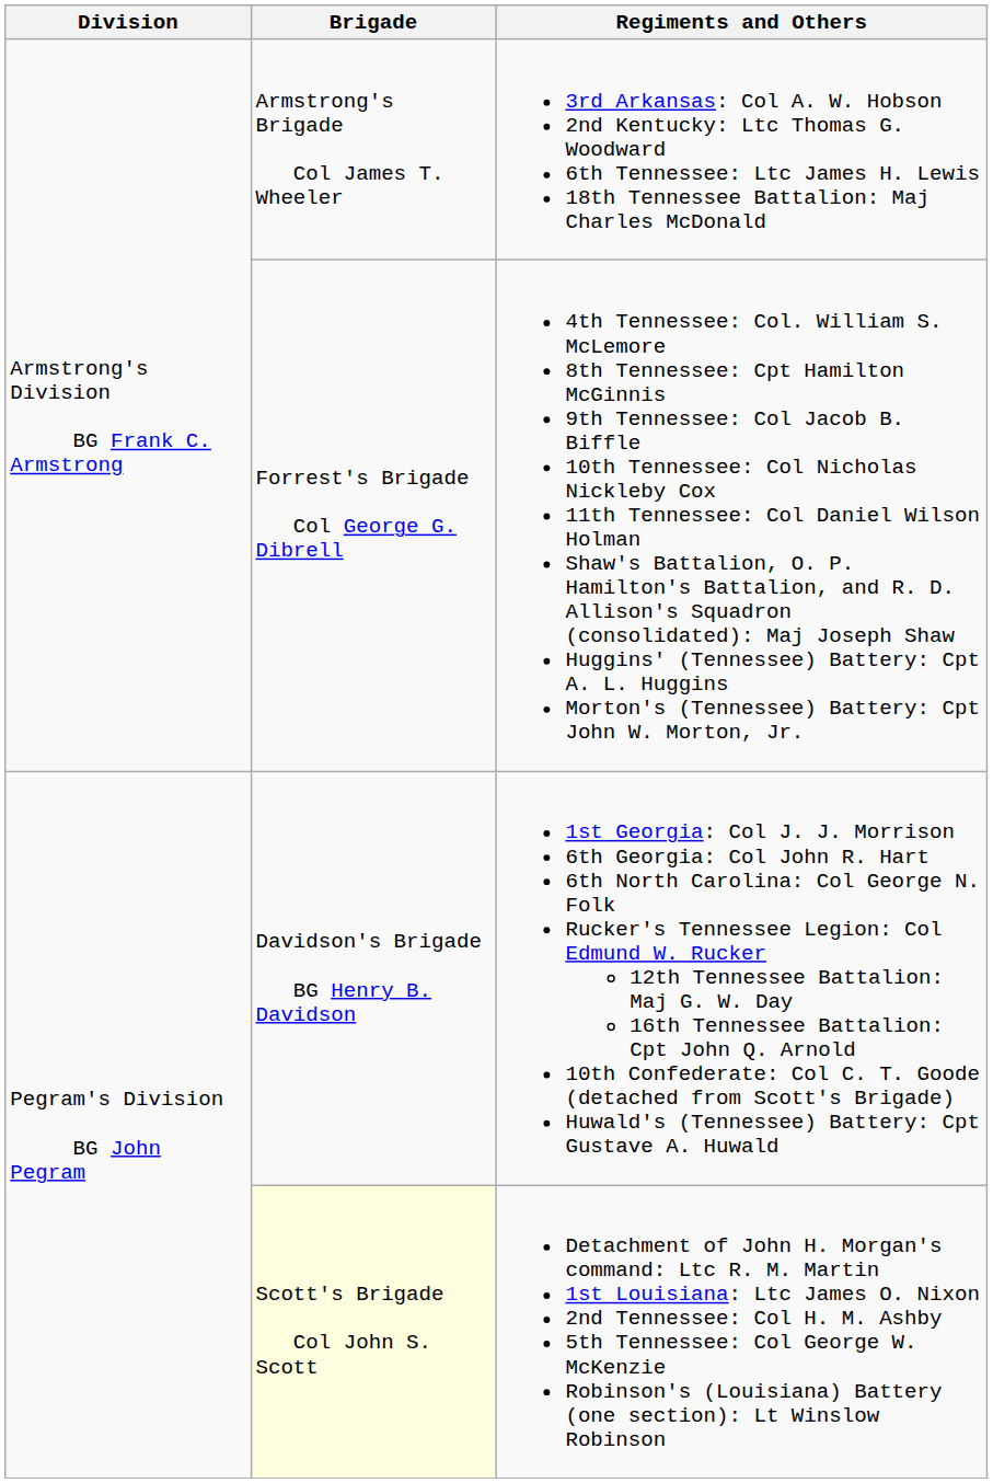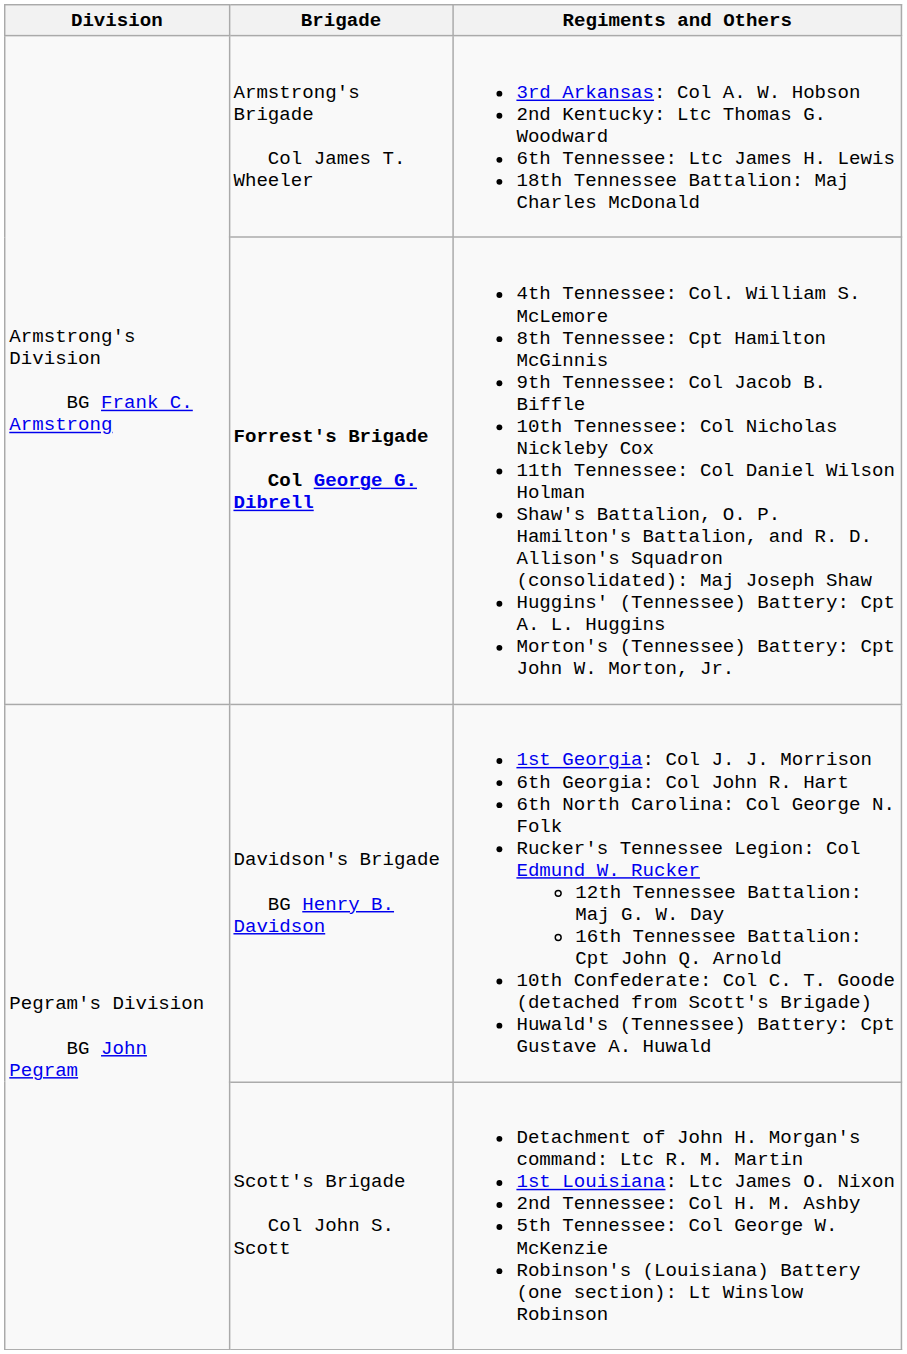 <table class="wikitable">
 <tr>
 <th width=25%>Division</th>
 <th width=25%>Brigade</th>
 <th>Regiments and Others</th>
 </tr>
 <tr>
 <td rowspan=2><br>Armstrong's Division<br><br>     BG <a href='#'>Frank C. Armstrong</a></td>
 <td>Armstrong's Brigade<br><br>   Col James T. Wheeler</td>
 <td><br><ul><li><a href='#'>3rd Arkansas</a>: Col A. W. Hobson</li><li>2nd Kentucky: Ltc Thomas G. Woodward</li><li>6th Tennessee: Ltc James H. Lewis</li><li>18th Tennessee Battalion: Maj Charles McDonald</li></ul></td>
 </tr>
 <tr>
-<td>Forrest's Brigade<br><br>   Col <a href='#'>George G. Dibrell</a></td>
+<td><strong>Forrest's Brigade<br><br>   Col <a href='#'>George G. Dibrell</a></strong></td>
 <td><br><ul><li>4th Tennessee: Col. William S. McLemore</li><li>8th Tennessee: Cpt Hamilton McGinnis</li><li>9th Tennessee: Col Jacob B. Biffle</li><li>10th Tennessee: Col Nicholas Nickleby Cox</li><li>11th Tennessee: Col Daniel Wilson Holman</li><li>Shaw's Battalion, O. P. Hamilton's Battalion, and R. D. Allison's Squadron (consolidated): Maj Joseph Shaw</li><li>Huggins' (Tennessee) Battery: Cpt A. L. Huggins</li><li>Morton's (Tennessee) Battery: Cpt John W. Morton, Jr.</li></ul></td>
 </tr>
 <tr>
 <td rowspan=2><br>Pegram's Division<br><br>     BG <a href='#'>John Pegram</a></td>
 <td>Davidson's Brigade<br><br>   BG <a href='#'>Henry B. Davidson</a></td>
 <td><br><ul><li><a href='#'>1st Georgia</a>: Col J. J. Morrison</li><li>6th Georgia: Col John R. Hart</li><li>6th North Carolina: Col George N. Folk</li><li>Rucker's Tennessee Legion: Col <a href='#'>Edmund W. Rucker</a><ul><li>12th Tennessee Battalion: Maj G. W. Day</li><li>16th Tennessee Battalion: Cpt John Q. Arnold</li></ul></li><li>10th Confederate: Col C. T. Goode (detached from Scott's Brigade)</li><li>Huwald's (Tennessee) Battery: Cpt Gustave A. Huwald</li></ul></td>
 </tr>
 <tr>
-<td style="background: lightyellow;">Scott's Brigade<br><br>   Col John S. Scott</td>
+<td>Scott's Brigade<br><br>   Col John S. Scott</td>
 <td><br><ul><li>Detachment of John H. Morgan's command: Ltc R. M. Martin</li><li><a href='#'>1st Louisiana</a>: Ltc James O. Nixon</li><li>2nd Tennessee: Col H. M. Ashby</li><li>5th Tennessee: Col George W. McKenzie</li><li>Robinson's (Louisiana) Battery (one section): Lt Winslow Robinson</li></ul></td>
 </tr>
 </table>
